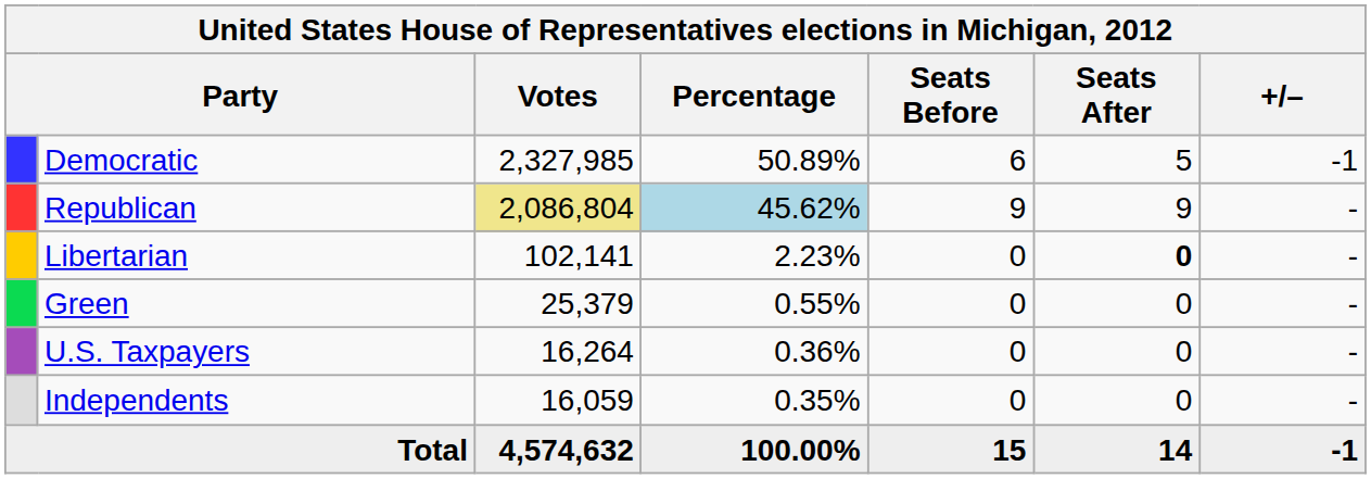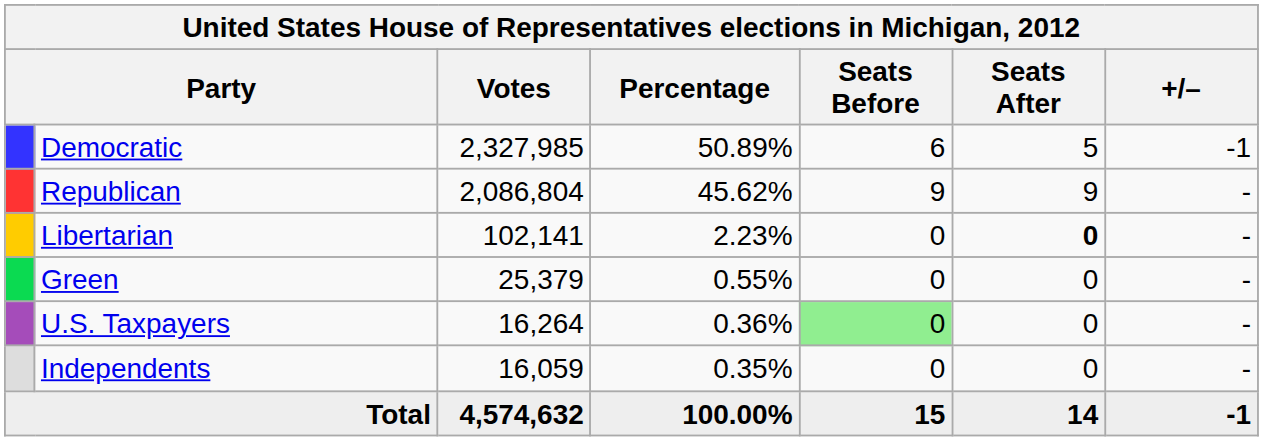 <table class="wikitable" style="font-size: 95%;">
 <tr>
 <th colspan="7">United States House of Representatives elections in Michigan, 2012</th>
 </tr>
 <tr>
 <th colspan=2 style="width: 15em">Party</th>
 <th style="width: 5em">Votes</th>
 <th style="width: 7em">Percentage</th>
 <th style="width: 5em">Seats Before</th>
 <th style="width: 5em">Seats After</th>
 <th style="width: 5em">+/–</th>
 </tr>
 <tr>
 <th style="background:#33f; width:3px;"></th>
 <td style="width: 130px"><a href='#'>Democratic</a></td>
 <td style="text-align:right;">2,327,985</td>
 <td style="text-align:right;">50.89%</td>
 <td style="text-align:right;">6</td>
 <td style="text-align:right;">5</td>
 <td style="text-align:right;">-1</td>
 </tr>
 <tr>
 <th style="background:#f33; width:3px;"></th>
 <td style="width: 130px"><a href='#'>Republican</a></td>
-<td style="background: khaki; text-align:right;">2,086,804</td>
-<td style="background: lightblue; text-align:right;">45.62%</td>
+<td style="text-align:right;">2,086,804</td>
+<td style="text-align:right;">45.62%</td>
 <td style="text-align:right;">9</td>
 <td style="text-align:right;">9</td>
 <td style="text-align:right;">-</td>
 </tr>
 <tr>
 <th style="background:#fc0; width:3px;"></th>
 <td style="width: 130px"><a href='#'>Libertarian</a></td>
 <td style="text-align:right;">102,141</td>
 <td style="text-align:right;">2.23%</td>
 <td style="text-align:right;">0</td>
 <td style="text-align:right;"><strong>0</strong></td>
 <td style="text-align:right;">-</td>
 </tr>
 <tr>
 <th style="background:#0bda51; width:3px;"></th>
 <td style="width: 130px"><a href='#'>Green</a></td>
 <td style="text-align:right;">25,379</td>
 <td style="text-align:right;">0.55%</td>
 <td style="text-align:right;">0</td>
 <td style="text-align:right;">0</td>
 <td style="text-align:right;">-</td>
 </tr>
 <tr>
 <th style="background:#a54cba; width:3px;"></th>
 <td style="width: 130px"><a href='#'>U.S. Taxpayers</a></td>
 <td style="text-align:right;">16,264</td>
 <td style="text-align:right;">0.36%</td>
-<td style="text-align:right;">0</td>
+<td style="background: lightgreen; text-align:right;">0</td>
 <td style="text-align:right;">0</td>
 <td style="text-align:right;">-</td>
 </tr>
 <tr>
 <th style="background:#ddd; width:3px;"></th>
 <td style="width: 130px"><a href='#'>Independents</a></td>
 <td style="text-align:right;">16,059</td>
 <td style="text-align:right;">0.35%</td>
 <td style="text-align:right;">0</td>
 <td style="text-align:right;">0</td>
 <td style="text-align:right;">-</td>
 </tr>
 <tr style="background:#eee; text-align:right;">
 <td colspan="2"><strong>Total</strong></td>
 <td><strong>4,574,632</strong></td>
 <td><strong>100.00%</strong></td>
 <td><strong>15</strong></td>
 <td><strong>14</strong></td>
 <td><strong>-1</strong></td>
 </tr>
 </table>
